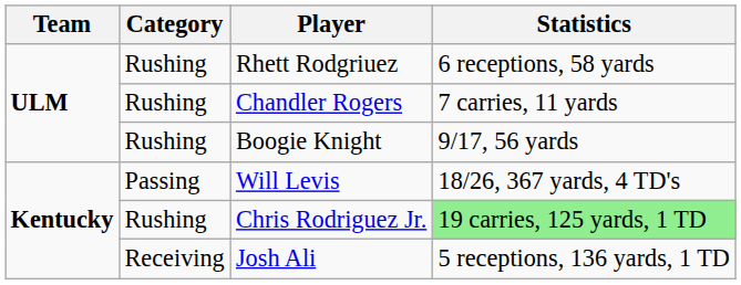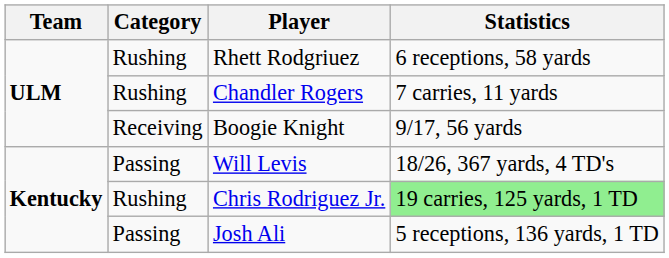 <table class="wikitable" style="float: right;">
 <tr>
 <th>Team</th>
 <th>Category</th>
 <th>Player</th>
 <th>Statistics</th>
 </tr>
 <tr>
 <td rowspan=3><strong>ULM</strong></td>
 <td>Rushing</td>
 <td>Rhett Rodgriuez</td>
 <td>6 receptions, 58 yards</td>
 </tr>
 <tr>
 <td>Rushing</td>
 <td><a href='#'>Chandler Rogers</a></td>
 <td>7 carries, 11 yards</td>
 </tr>
 <tr>
-<td>Rushing</td>
+<td>Receiving</td>
 <td>Boogie Knight</td>
 <td>9/17, 56 yards</td>
 </tr>
 <tr>
 <td rowspan=3><strong>Kentucky</strong></td>
 <td>Passing</td>
 <td><a href='#'>Will Levis</a></td>
 <td>18/26, 367 yards, 4 TD's</td>
 </tr>
 <tr>
 <td>Rushing</td>
 <td><a href='#'>Chris Rodriguez Jr.</a></td>
 <td style="background: lightgreen;">19 carries, 125 yards, 1 TD</td>
 </tr>
 <tr>
-<td>Receiving</td>
+<td>Passing</td>
 <td><a href='#'>Josh Ali</a></td>
 <td>5 receptions, 136 yards, 1 TD</td>
 </tr>
 </table>
